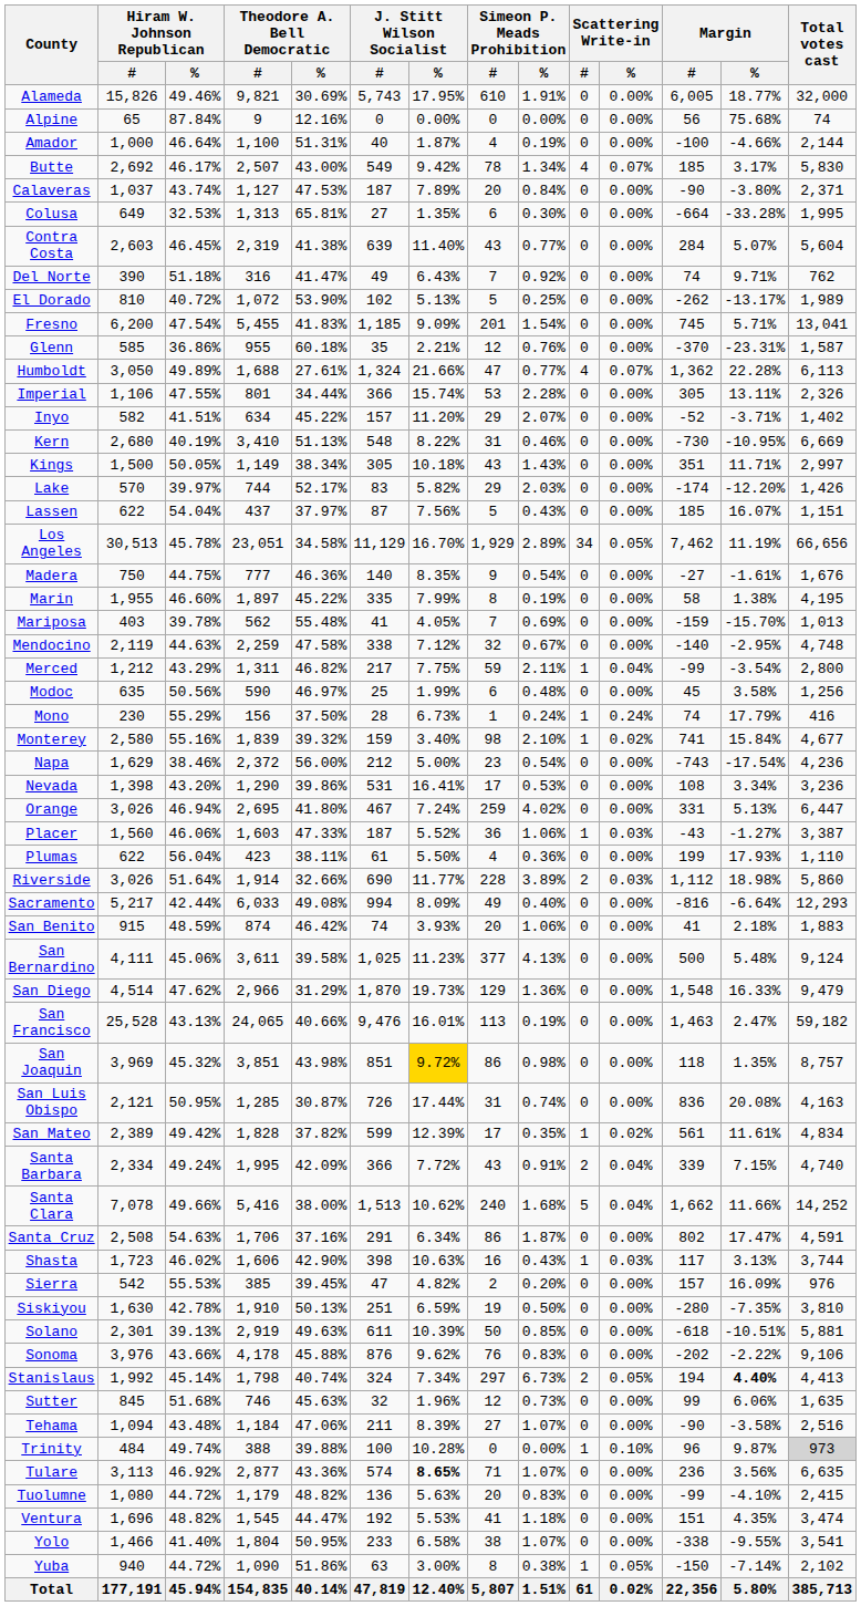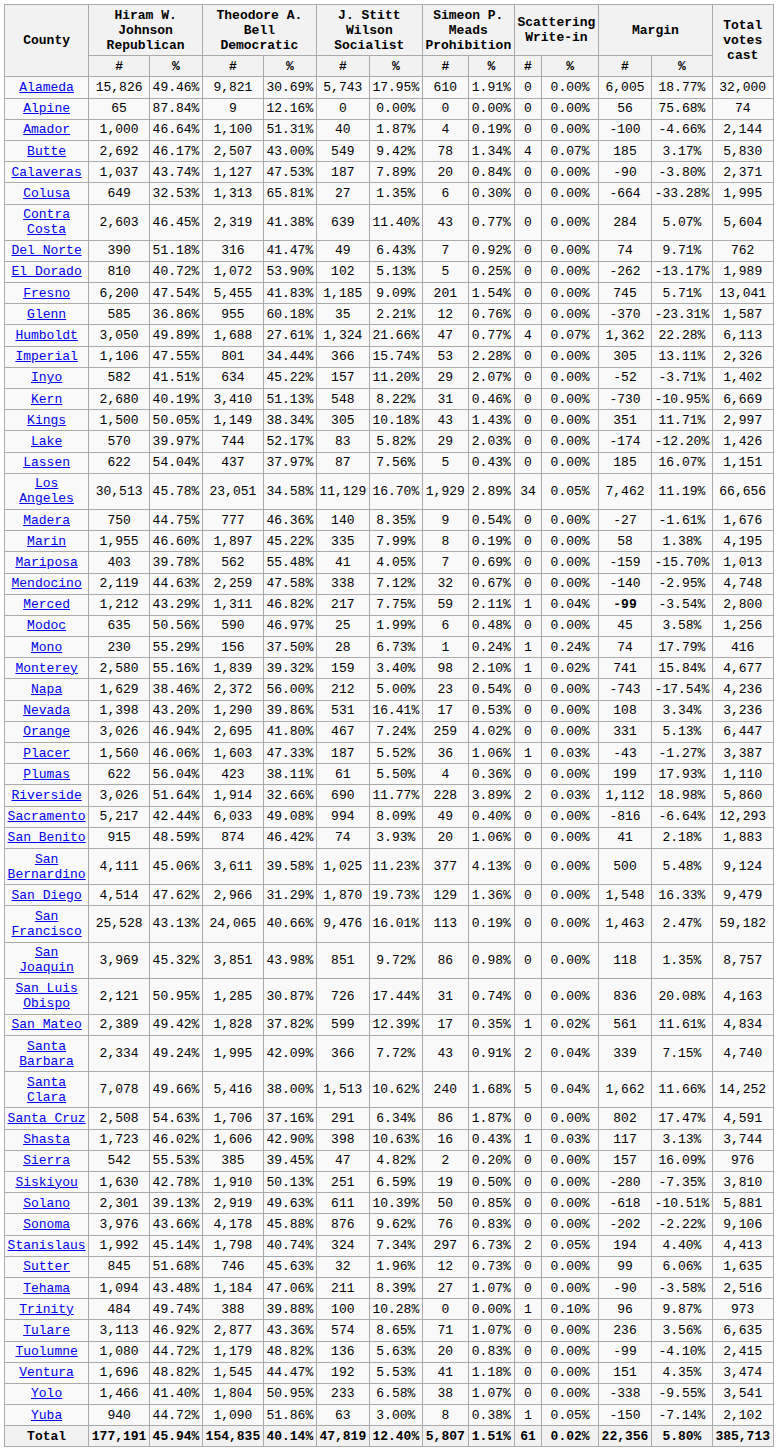 <table class="wikitable sortable" style="text-align:center">
 <tr>
 <th rowspan="2">County</th>
 <th style="text-align:center;" colspan="2">Hiram W. Johnson<br>Republican</th>
 <th style="text-align:center;" colspan="2">Theodore A. Bell<br>Democratic</th>
 <th style="text-align:center;" colspan="2">J. Stitt Wilson<br>Socialist</th>
 <th style="text-align:center;" colspan="2">Simeon P. Meads<br>Prohibition</th>
 <th style="text-align:center;" colspan="2">Scattering<br>Write-in</th>
 <th style="text-align:center;" colspan="2">Margin</th>
 <th style="text-align:center;" rowspan="2">Total votes cast</th>
 </tr>
 <tr>
 <th style="text-align:center;" data-sort-type="number">#</th>
 <th style="text-align:center;" data-sort-type="number">%</th>
 <th style="text-align:center;" data-sort-type="number">#</th>
 <th style="text-align:center;" data-sort-type="number">%</th>
 <th style="text-align:center;" data-sort-type="number">#</th>
 <th style="text-align:center;" data-sort-type="number">%</th>
 <th style="text-align:center;" data-sort-type="number">#</th>
 <th style="text-align:center;" data-sort-type="number">%</th>
 <th style="text-align:center;" data-sort-type="number">#</th>
 <th style="text-align:center;" data-sort-type="number">%</th>
 <th style="text-align:center;" data-sort-type="number">#</th>
 <th style="text-align:center;" data-sort-type="number">%</th>
 </tr>
 <tr style="text-align:center;">
 <td><a href='#'>Alameda</a></td>
 <td>15,826</td>
 <td>49.46%</td>
 <td>9,821</td>
 <td>30.69%</td>
 <td>5,743</td>
 <td>17.95%</td>
 <td>610</td>
 <td>1.91%</td>
 <td>0</td>
 <td>0.00%</td>
 <td>6,005</td>
 <td>18.77%</td>
 <td>32,000</td>
 </tr>
 <tr style="text-align:center;">
 <td><a href='#'>Alpine</a></td>
 <td>65</td>
 <td>87.84%</td>
 <td>9</td>
 <td>12.16%</td>
 <td>0</td>
 <td>0.00%</td>
 <td>0</td>
 <td>0.00%</td>
 <td>0</td>
 <td>0.00%</td>
 <td>56</td>
 <td>75.68%</td>
 <td>74</td>
 </tr>
 <tr style="text-align:center;">
 <td><a href='#'>Amador</a></td>
 <td>1,000</td>
 <td>46.64%</td>
 <td>1,100</td>
 <td>51.31%</td>
 <td>40</td>
 <td>1.87%</td>
 <td>4</td>
 <td>0.19%</td>
 <td>0</td>
 <td>0.00%</td>
 <td>-100</td>
 <td>-4.66%</td>
 <td>2,144</td>
 </tr>
 <tr style="text-align:center;">
 <td><a href='#'>Butte</a></td>
 <td>2,692</td>
 <td>46.17%</td>
 <td>2,507</td>
 <td>43.00%</td>
 <td>549</td>
 <td>9.42%</td>
 <td>78</td>
 <td>1.34%</td>
 <td>4</td>
 <td>0.07%</td>
 <td>185</td>
 <td>3.17%</td>
 <td>5,830</td>
 </tr>
 <tr style="text-align:center;">
 <td><a href='#'>Calaveras</a></td>
 <td>1,037</td>
 <td>43.74%</td>
 <td>1,127</td>
 <td>47.53%</td>
 <td>187</td>
 <td>7.89%</td>
 <td>20</td>
 <td>0.84%</td>
 <td>0</td>
 <td>0.00%</td>
 <td>-90</td>
 <td>-3.80%</td>
 <td>2,371</td>
 </tr>
 <tr style="text-align:center;">
 <td><a href='#'>Colusa</a></td>
 <td>649</td>
 <td>32.53%</td>
 <td>1,313</td>
 <td>65.81%</td>
 <td>27</td>
 <td>1.35%</td>
 <td>6</td>
 <td>0.30%</td>
 <td>0</td>
 <td>0.00%</td>
 <td>-664</td>
 <td>-33.28%</td>
 <td>1,995</td>
 </tr>
 <tr style="text-align:center;">
 <td><a href='#'>Contra Costa</a></td>
 <td>2,603</td>
 <td>46.45%</td>
 <td>2,319</td>
 <td>41.38%</td>
 <td>639</td>
 <td>11.40%</td>
 <td>43</td>
 <td>0.77%</td>
 <td>0</td>
 <td>0.00%</td>
 <td>284</td>
 <td>5.07%</td>
 <td>5,604</td>
 </tr>
 <tr style="text-align:center;">
 <td><a href='#'>Del Norte</a></td>
 <td>390</td>
 <td>51.18%</td>
 <td>316</td>
 <td>41.47%</td>
 <td>49</td>
 <td>6.43%</td>
 <td>7</td>
 <td>0.92%</td>
 <td>0</td>
 <td>0.00%</td>
 <td>74</td>
 <td>9.71%</td>
 <td>762</td>
 </tr>
 <tr style="text-align:center;">
 <td><a href='#'>El Dorado</a></td>
 <td>810</td>
 <td>40.72%</td>
 <td>1,072</td>
 <td>53.90%</td>
 <td>102</td>
 <td>5.13%</td>
 <td>5</td>
 <td>0.25%</td>
 <td>0</td>
 <td>0.00%</td>
 <td>-262</td>
 <td>-13.17%</td>
 <td>1,989</td>
 </tr>
 <tr style="text-align:center;">
 <td><a href='#'>Fresno</a></td>
 <td>6,200</td>
 <td>47.54%</td>
 <td>5,455</td>
 <td>41.83%</td>
 <td>1,185</td>
 <td>9.09%</td>
 <td>201</td>
 <td>1.54%</td>
 <td>0</td>
 <td>0.00%</td>
 <td>745</td>
 <td>5.71%</td>
 <td>13,041</td>
 </tr>
 <tr style="text-align:center;">
 <td><a href='#'>Glenn</a></td>
 <td>585</td>
 <td>36.86%</td>
 <td>955</td>
 <td>60.18%</td>
 <td>35</td>
 <td>2.21%</td>
 <td>12</td>
 <td>0.76%</td>
 <td>0</td>
 <td>0.00%</td>
 <td>-370</td>
 <td>-23.31%</td>
 <td>1,587</td>
 </tr>
 <tr style="text-align:center;">
 <td><a href='#'>Humboldt</a></td>
 <td>3,050</td>
 <td>49.89%</td>
 <td>1,688</td>
 <td>27.61%</td>
 <td>1,324</td>
 <td>21.66%</td>
 <td>47</td>
 <td>0.77%</td>
 <td>4</td>
 <td>0.07%</td>
 <td>1,362</td>
 <td>22.28%</td>
 <td>6,113</td>
 </tr>
 <tr style="text-align:center;">
 <td><a href='#'>Imperial</a></td>
 <td>1,106</td>
 <td>47.55%</td>
 <td>801</td>
 <td>34.44%</td>
 <td>366</td>
 <td>15.74%</td>
 <td>53</td>
 <td>2.28%</td>
 <td>0</td>
 <td>0.00%</td>
 <td>305</td>
 <td>13.11%</td>
 <td>2,326</td>
 </tr>
 <tr style="text-align:center;">
 <td><a href='#'>Inyo</a></td>
 <td>582</td>
 <td>41.51%</td>
 <td>634</td>
 <td>45.22%</td>
 <td>157</td>
 <td>11.20%</td>
 <td>29</td>
 <td>2.07%</td>
 <td>0</td>
 <td>0.00%</td>
 <td>-52</td>
 <td>-3.71%</td>
 <td>1,402</td>
 </tr>
 <tr style="text-align:center;">
 <td><a href='#'>Kern</a></td>
 <td>2,680</td>
 <td>40.19%</td>
 <td>3,410</td>
 <td>51.13%</td>
 <td>548</td>
 <td>8.22%</td>
 <td>31</td>
 <td>0.46%</td>
 <td>0</td>
 <td>0.00%</td>
 <td>-730</td>
 <td>-10.95%</td>
 <td>6,669</td>
 </tr>
 <tr style="text-align:center;">
 <td><a href='#'>Kings</a></td>
 <td>1,500</td>
 <td>50.05%</td>
 <td>1,149</td>
 <td>38.34%</td>
 <td>305</td>
 <td>10.18%</td>
 <td>43</td>
 <td>1.43%</td>
 <td>0</td>
 <td>0.00%</td>
 <td>351</td>
 <td>11.71%</td>
 <td>2,997</td>
 </tr>
 <tr style="text-align:center;">
 <td><a href='#'>Lake</a></td>
 <td>570</td>
 <td>39.97%</td>
 <td>744</td>
 <td>52.17%</td>
 <td>83</td>
 <td>5.82%</td>
 <td>29</td>
 <td>2.03%</td>
 <td>0</td>
 <td>0.00%</td>
 <td>-174</td>
 <td>-12.20%</td>
 <td>1,426</td>
 </tr>
 <tr style="text-align:center;">
 <td><a href='#'>Lassen</a></td>
 <td>622</td>
 <td>54.04%</td>
 <td>437</td>
 <td>37.97%</td>
 <td>87</td>
 <td>7.56%</td>
 <td>5</td>
 <td>0.43%</td>
 <td>0</td>
 <td>0.00%</td>
 <td>185</td>
 <td>16.07%</td>
 <td>1,151</td>
 </tr>
 <tr style="text-align:center;">
 <td><a href='#'>Los Angeles</a></td>
 <td>30,513</td>
 <td>45.78%</td>
 <td>23,051</td>
 <td>34.58%</td>
 <td>11,129</td>
 <td>16.70%</td>
 <td>1,929</td>
 <td>2.89%</td>
 <td>34</td>
 <td>0.05%</td>
 <td>7,462</td>
 <td>11.19%</td>
 <td>66,656</td>
 </tr>
 <tr style="text-align:center;">
 <td><a href='#'>Madera</a></td>
 <td>750</td>
 <td>44.75%</td>
 <td>777</td>
 <td>46.36%</td>
 <td>140</td>
 <td>8.35%</td>
 <td>9</td>
 <td>0.54%</td>
 <td>0</td>
 <td>0.00%</td>
 <td>-27</td>
 <td>-1.61%</td>
 <td>1,676</td>
 </tr>
 <tr style="text-align:center;">
 <td><a href='#'>Marin</a></td>
 <td>1,955</td>
 <td>46.60%</td>
 <td>1,897</td>
 <td>45.22%</td>
 <td>335</td>
 <td>7.99%</td>
 <td>8</td>
 <td>0.19%</td>
 <td>0</td>
 <td>0.00%</td>
 <td>58</td>
 <td>1.38%</td>
 <td>4,195</td>
 </tr>
 <tr style="text-align:center;">
 <td><a href='#'>Mariposa</a></td>
 <td>403</td>
 <td>39.78%</td>
 <td>562</td>
 <td>55.48%</td>
 <td>41</td>
 <td>4.05%</td>
 <td>7</td>
 <td>0.69%</td>
 <td>0</td>
 <td>0.00%</td>
 <td>-159</td>
 <td>-15.70%</td>
 <td>1,013</td>
 </tr>
 <tr style="text-align:center;">
 <td><a href='#'>Mendocino</a></td>
 <td>2,119</td>
 <td>44.63%</td>
 <td>2,259</td>
 <td>47.58%</td>
 <td>338</td>
 <td>7.12%</td>
 <td>32</td>
 <td>0.67%</td>
 <td>0</td>
 <td>0.00%</td>
 <td>-140</td>
 <td>-2.95%</td>
 <td>4,748</td>
 </tr>
 <tr style="text-align:center;">
 <td><a href='#'>Merced</a></td>
 <td>1,212</td>
 <td>43.29%</td>
 <td>1,311</td>
 <td>46.82%</td>
 <td>217</td>
 <td>7.75%</td>
 <td>59</td>
 <td>2.11%</td>
 <td>1</td>
 <td>0.04%</td>
-<td>-99</td>
+<td><strong>-99</strong></td>
 <td>-3.54%</td>
 <td>2,800</td>
 </tr>
 <tr style="text-align:center;">
 <td><a href='#'>Modoc</a></td>
 <td>635</td>
 <td>50.56%</td>
 <td>590</td>
 <td>46.97%</td>
 <td>25</td>
 <td>1.99%</td>
 <td>6</td>
 <td>0.48%</td>
 <td>0</td>
 <td>0.00%</td>
 <td>45</td>
 <td>3.58%</td>
 <td>1,256</td>
 </tr>
 <tr style="text-align:center;">
 <td><a href='#'>Mono</a></td>
 <td>230</td>
 <td>55.29%</td>
 <td>156</td>
 <td>37.50%</td>
 <td>28</td>
 <td>6.73%</td>
 <td>1</td>
 <td>0.24%</td>
 <td>1</td>
 <td>0.24%</td>
 <td>74</td>
 <td>17.79%</td>
 <td>416</td>
 </tr>
 <tr style="text-align:center;">
 <td><a href='#'>Monterey</a></td>
 <td>2,580</td>
 <td>55.16%</td>
 <td>1,839</td>
 <td>39.32%</td>
 <td>159</td>
 <td>3.40%</td>
 <td>98</td>
 <td>2.10%</td>
 <td>1</td>
 <td>0.02%</td>
 <td>741</td>
 <td>15.84%</td>
 <td>4,677</td>
 </tr>
 <tr style="text-align:center;">
 <td><a href='#'>Napa</a></td>
 <td>1,629</td>
 <td>38.46%</td>
 <td>2,372</td>
 <td>56.00%</td>
 <td>212</td>
 <td>5.00%</td>
 <td>23</td>
 <td>0.54%</td>
 <td>0</td>
 <td>0.00%</td>
 <td>-743</td>
 <td>-17.54%</td>
 <td>4,236</td>
 </tr>
 <tr style="text-align:center;">
 <td><a href='#'>Nevada</a></td>
 <td>1,398</td>
 <td>43.20%</td>
 <td>1,290</td>
 <td>39.86%</td>
 <td>531</td>
 <td>16.41%</td>
 <td>17</td>
 <td>0.53%</td>
 <td>0</td>
 <td>0.00%</td>
 <td>108</td>
 <td>3.34%</td>
 <td>3,236</td>
 </tr>
 <tr style="text-align:center;">
 <td><a href='#'>Orange</a></td>
 <td>3,026</td>
 <td>46.94%</td>
 <td>2,695</td>
 <td>41.80%</td>
 <td>467</td>
 <td>7.24%</td>
 <td>259</td>
 <td>4.02%</td>
 <td>0</td>
 <td>0.00%</td>
 <td>331</td>
 <td>5.13%</td>
 <td>6,447</td>
 </tr>
 <tr style="text-align:center;">
 <td><a href='#'>Placer</a></td>
 <td>1,560</td>
 <td>46.06%</td>
 <td>1,603</td>
 <td>47.33%</td>
 <td>187</td>
 <td>5.52%</td>
 <td>36</td>
 <td>1.06%</td>
 <td>1</td>
 <td>0.03%</td>
 <td>-43</td>
 <td>-1.27%</td>
 <td>3,387</td>
 </tr>
 <tr style="text-align:center;">
 <td><a href='#'>Plumas</a></td>
 <td>622</td>
 <td>56.04%</td>
 <td>423</td>
 <td>38.11%</td>
 <td>61</td>
 <td>5.50%</td>
 <td>4</td>
 <td>0.36%</td>
 <td>0</td>
 <td>0.00%</td>
 <td>199</td>
 <td>17.93%</td>
 <td>1,110</td>
 </tr>
 <tr style="text-align:center;">
 <td><a href='#'>Riverside</a></td>
 <td>3,026</td>
 <td>51.64%</td>
 <td>1,914</td>
 <td>32.66%</td>
 <td>690</td>
 <td>11.77%</td>
 <td>228</td>
 <td>3.89%</td>
 <td>2</td>
 <td>0.03%</td>
 <td>1,112</td>
 <td>18.98%</td>
 <td>5,860</td>
 </tr>
 <tr style="text-align:center;">
 <td><a href='#'>Sacramento</a></td>
 <td>5,217</td>
 <td>42.44%</td>
 <td>6,033</td>
 <td>49.08%</td>
 <td>994</td>
 <td>8.09%</td>
 <td>49</td>
 <td>0.40%</td>
 <td>0</td>
 <td>0.00%</td>
 <td>-816</td>
 <td>-6.64%</td>
 <td>12,293</td>
 </tr>
 <tr style="text-align:center;">
 <td><a href='#'>San Benito</a></td>
 <td>915</td>
 <td>48.59%</td>
 <td>874</td>
 <td>46.42%</td>
 <td>74</td>
 <td>3.93%</td>
 <td>20</td>
 <td>1.06%</td>
 <td>0</td>
 <td>0.00%</td>
 <td>41</td>
 <td>2.18%</td>
 <td>1,883</td>
 </tr>
 <tr style="text-align:center;">
 <td><a href='#'>San Bernardino</a></td>
 <td>4,111</td>
 <td>45.06%</td>
 <td>3,611</td>
 <td>39.58%</td>
 <td>1,025</td>
 <td>11.23%</td>
 <td>377</td>
 <td>4.13%</td>
 <td>0</td>
 <td>0.00%</td>
 <td>500</td>
 <td>5.48%</td>
 <td>9,124</td>
 </tr>
 <tr style="text-align:center;">
 <td><a href='#'>San Diego</a></td>
 <td>4,514</td>
 <td>47.62%</td>
 <td>2,966</td>
 <td>31.29%</td>
 <td>1,870</td>
 <td>19.73%</td>
 <td>129</td>
 <td>1.36%</td>
 <td>0</td>
 <td>0.00%</td>
 <td>1,548</td>
 <td>16.33%</td>
 <td>9,479</td>
 </tr>
 <tr style="text-align:center;">
 <td><a href='#'>San Francisco</a></td>
 <td>25,528</td>
 <td>43.13%</td>
 <td>24,065</td>
 <td>40.66%</td>
 <td>9,476</td>
 <td>16.01%</td>
 <td>113</td>
 <td>0.19%</td>
 <td>0</td>
 <td>0.00%</td>
 <td>1,463</td>
 <td>2.47%</td>
 <td>59,182</td>
 </tr>
 <tr style="text-align:center;">
 <td><a href='#'>San Joaquin</a></td>
 <td>3,969</td>
 <td>45.32%</td>
 <td>3,851</td>
 <td>43.98%</td>
 <td>851</td>
-<td style="background: gold;">9.72%</td>
+<td>9.72%</td>
 <td>86</td>
 <td>0.98%</td>
 <td>0</td>
 <td>0.00%</td>
 <td>118</td>
 <td>1.35%</td>
 <td>8,757</td>
 </tr>
 <tr style="text-align:center;">
 <td><a href='#'>San Luis Obispo</a></td>
 <td>2,121</td>
 <td>50.95%</td>
 <td>1,285</td>
 <td>30.87%</td>
 <td>726</td>
 <td>17.44%</td>
 <td>31</td>
 <td>0.74%</td>
 <td>0</td>
 <td>0.00%</td>
 <td>836</td>
 <td>20.08%</td>
 <td>4,163</td>
 </tr>
 <tr style="text-align:center;">
 <td><a href='#'>San Mateo</a></td>
 <td>2,389</td>
 <td>49.42%</td>
 <td>1,828</td>
 <td>37.82%</td>
 <td>599</td>
 <td>12.39%</td>
 <td>17</td>
 <td>0.35%</td>
 <td>1</td>
 <td>0.02%</td>
 <td>561</td>
 <td>11.61%</td>
 <td>4,834</td>
 </tr>
 <tr style="text-align:center;">
 <td><a href='#'>Santa Barbara</a></td>
 <td>2,334</td>
 <td>49.24%</td>
 <td>1,995</td>
 <td>42.09%</td>
 <td>366</td>
 <td>7.72%</td>
 <td>43</td>
 <td>0.91%</td>
 <td>2</td>
 <td>0.04%</td>
 <td>339</td>
 <td>7.15%</td>
 <td>4,740</td>
 </tr>
 <tr style="text-align:center;">
 <td><a href='#'>Santa Clara</a></td>
 <td>7,078</td>
 <td>49.66%</td>
 <td>5,416</td>
 <td>38.00%</td>
 <td>1,513</td>
 <td>10.62%</td>
 <td>240</td>
 <td>1.68%</td>
 <td>5</td>
 <td>0.04%</td>
 <td>1,662</td>
 <td>11.66%</td>
 <td>14,252</td>
 </tr>
 <tr style="text-align:center;">
 <td><a href='#'>Santa Cruz</a></td>
 <td>2,508</td>
 <td>54.63%</td>
 <td>1,706</td>
 <td>37.16%</td>
 <td>291</td>
 <td>6.34%</td>
 <td>86</td>
 <td>1.87%</td>
 <td>0</td>
 <td>0.00%</td>
 <td>802</td>
 <td>17.47%</td>
 <td>4,591</td>
 </tr>
 <tr style="text-align:center;">
 <td><a href='#'>Shasta</a></td>
 <td>1,723</td>
 <td>46.02%</td>
 <td>1,606</td>
 <td>42.90%</td>
 <td>398</td>
 <td>10.63%</td>
 <td>16</td>
 <td>0.43%</td>
 <td>1</td>
 <td>0.03%</td>
 <td>117</td>
 <td>3.13%</td>
 <td>3,744</td>
 </tr>
 <tr style="text-align:center;">
 <td><a href='#'>Sierra</a></td>
 <td>542</td>
 <td>55.53%</td>
 <td>385</td>
 <td>39.45%</td>
 <td>47</td>
 <td>4.82%</td>
 <td>2</td>
 <td>0.20%</td>
 <td>0</td>
 <td>0.00%</td>
 <td>157</td>
 <td>16.09%</td>
 <td>976</td>
 </tr>
 <tr style="text-align:center;">
 <td><a href='#'>Siskiyou</a></td>
 <td>1,630</td>
 <td>42.78%</td>
 <td>1,910</td>
 <td>50.13%</td>
 <td>251</td>
 <td>6.59%</td>
 <td>19</td>
 <td>0.50%</td>
 <td>0</td>
 <td>0.00%</td>
 <td>-280</td>
 <td>-7.35%</td>
 <td>3,810</td>
 </tr>
 <tr style="text-align:center;">
 <td><a href='#'>Solano</a></td>
 <td>2,301</td>
 <td>39.13%</td>
 <td>2,919</td>
 <td>49.63%</td>
 <td>611</td>
 <td>10.39%</td>
 <td>50</td>
 <td>0.85%</td>
 <td>0</td>
 <td>0.00%</td>
 <td>-618</td>
 <td>-10.51%</td>
 <td>5,881</td>
 </tr>
 <tr style="text-align:center;">
 <td><a href='#'>Sonoma</a></td>
 <td>3,976</td>
 <td>43.66%</td>
 <td>4,178</td>
 <td>45.88%</td>
 <td>876</td>
 <td>9.62%</td>
 <td>76</td>
 <td>0.83%</td>
 <td>0</td>
 <td>0.00%</td>
 <td>-202</td>
 <td>-2.22%</td>
 <td>9,106</td>
 </tr>
 <tr style="text-align:center;">
 <td><a href='#'>Stanislaus</a></td>
 <td>1,992</td>
 <td>45.14%</td>
 <td>1,798</td>
 <td>40.74%</td>
 <td>324</td>
 <td>7.34%</td>
 <td>297</td>
 <td>6.73%</td>
 <td>2</td>
 <td>0.05%</td>
 <td>194</td>
-<td><strong>4.40%</strong></td>
+<td>4.40%</td>
 <td>4,413</td>
 </tr>
 <tr style="text-align:center;">
 <td><a href='#'>Sutter</a></td>
 <td>845</td>
 <td>51.68%</td>
 <td>746</td>
 <td>45.63%</td>
 <td>32</td>
 <td>1.96%</td>
 <td>12</td>
 <td>0.73%</td>
 <td>0</td>
 <td>0.00%</td>
 <td>99</td>
 <td>6.06%</td>
 <td>1,635</td>
 </tr>
 <tr style="text-align:center;">
 <td><a href='#'>Tehama</a></td>
 <td>1,094</td>
 <td>43.48%</td>
 <td>1,184</td>
 <td>47.06%</td>
 <td>211</td>
 <td>8.39%</td>
 <td>27</td>
 <td>1.07%</td>
 <td>0</td>
 <td>0.00%</td>
 <td>-90</td>
 <td>-3.58%</td>
 <td>2,516</td>
 </tr>
 <tr style="text-align:center;">
 <td><a href='#'>Trinity</a></td>
 <td>484</td>
 <td>49.74%</td>
 <td>388</td>
 <td>39.88%</td>
 <td>100</td>
 <td>10.28%</td>
 <td>0</td>
 <td>0.00%</td>
 <td>1</td>
 <td>0.10%</td>
 <td>96</td>
 <td>9.87%</td>
-<td style="background: lightgrey;">973</td>
+<td>973</td>
 </tr>
 <tr style="text-align:center;">
 <td><a href='#'>Tulare</a></td>
 <td>3,113</td>
 <td>46.92%</td>
 <td>2,877</td>
 <td>43.36%</td>
 <td>574</td>
-<td><strong>8.65%</strong></td>
+<td>8.65%</td>
 <td>71</td>
 <td>1.07%</td>
 <td>0</td>
 <td>0.00%</td>
 <td>236</td>
 <td>3.56%</td>
 <td>6,635</td>
 </tr>
 <tr style="text-align:center;">
 <td><a href='#'>Tuolumne</a></td>
 <td>1,080</td>
 <td>44.72%</td>
 <td>1,179</td>
 <td>48.82%</td>
 <td>136</td>
 <td>5.63%</td>
 <td>20</td>
 <td>0.83%</td>
 <td>0</td>
 <td>0.00%</td>
 <td>-99</td>
 <td>-4.10%</td>
 <td>2,415</td>
 </tr>
 <tr style="text-align:center;">
 <td><a href='#'>Ventura</a></td>
 <td>1,696</td>
 <td>48.82%</td>
 <td>1,545</td>
 <td>44.47%</td>
 <td>192</td>
 <td>5.53%</td>
 <td>41</td>
 <td>1.18%</td>
 <td>0</td>
 <td>0.00%</td>
 <td>151</td>
 <td>4.35%</td>
 <td>3,474</td>
 </tr>
 <tr style="text-align:center;">
 <td><a href='#'>Yolo</a></td>
 <td>1,466</td>
 <td>41.40%</td>
 <td>1,804</td>
 <td>50.95%</td>
 <td>233</td>
 <td>6.58%</td>
 <td>38</td>
 <td>1.07%</td>
 <td>0</td>
 <td>0.00%</td>
 <td>-338</td>
 <td>-9.55%</td>
 <td>3,541</td>
 </tr>
 <tr style="text-align:center;">
 <td><a href='#'>Yuba</a></td>
 <td>940</td>
 <td>44.72%</td>
 <td>1,090</td>
 <td>51.86%</td>
 <td>63</td>
 <td>3.00%</td>
 <td>8</td>
 <td>0.38%</td>
 <td>1</td>
 <td>0.05%</td>
 <td>-150</td>
 <td>-7.14%</td>
 <td>2,102</td>
 </tr>
 <tr style="text-align:center;">
 <th>Total</th>
 <th>177,191</th>
 <th>45.94%</th>
 <th>154,835</th>
 <th>40.14%</th>
 <th>47,819</th>
 <th>12.40%</th>
 <th>5,807</th>
 <th>1.51%</th>
 <th>61</th>
 <th>0.02%</th>
 <th>22,356</th>
 <th>5.80%</th>
 <th>385,713</th>
 </tr>
 </table>
